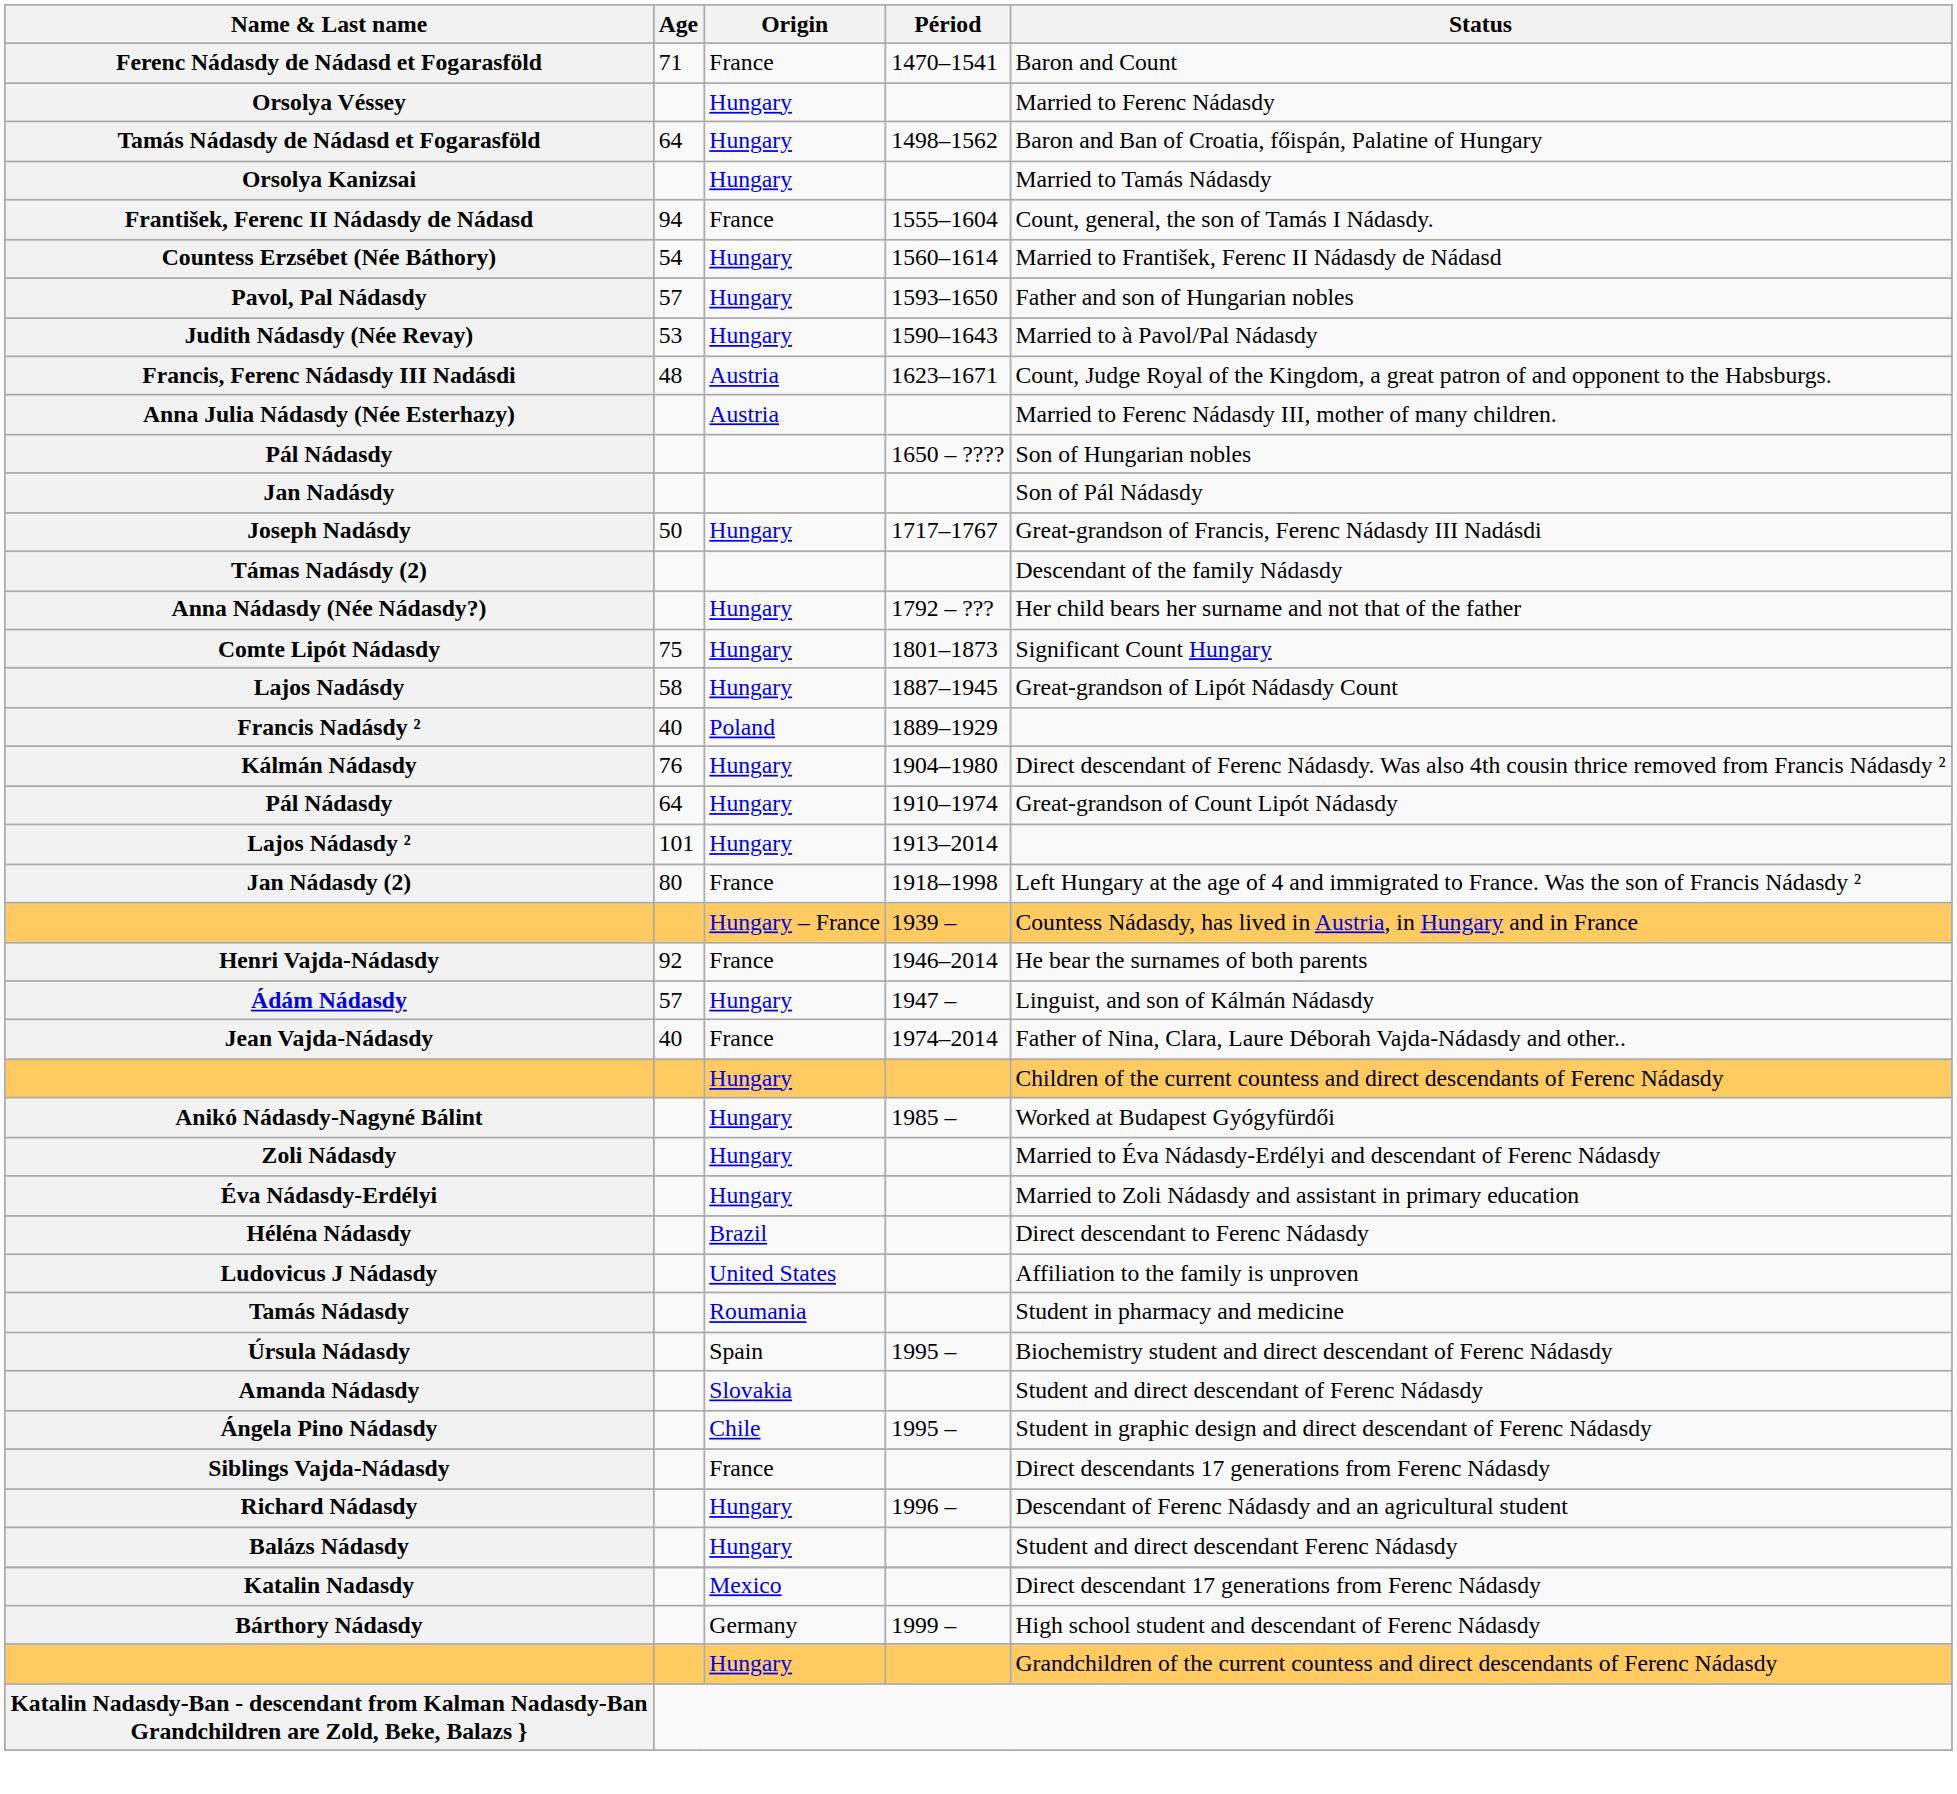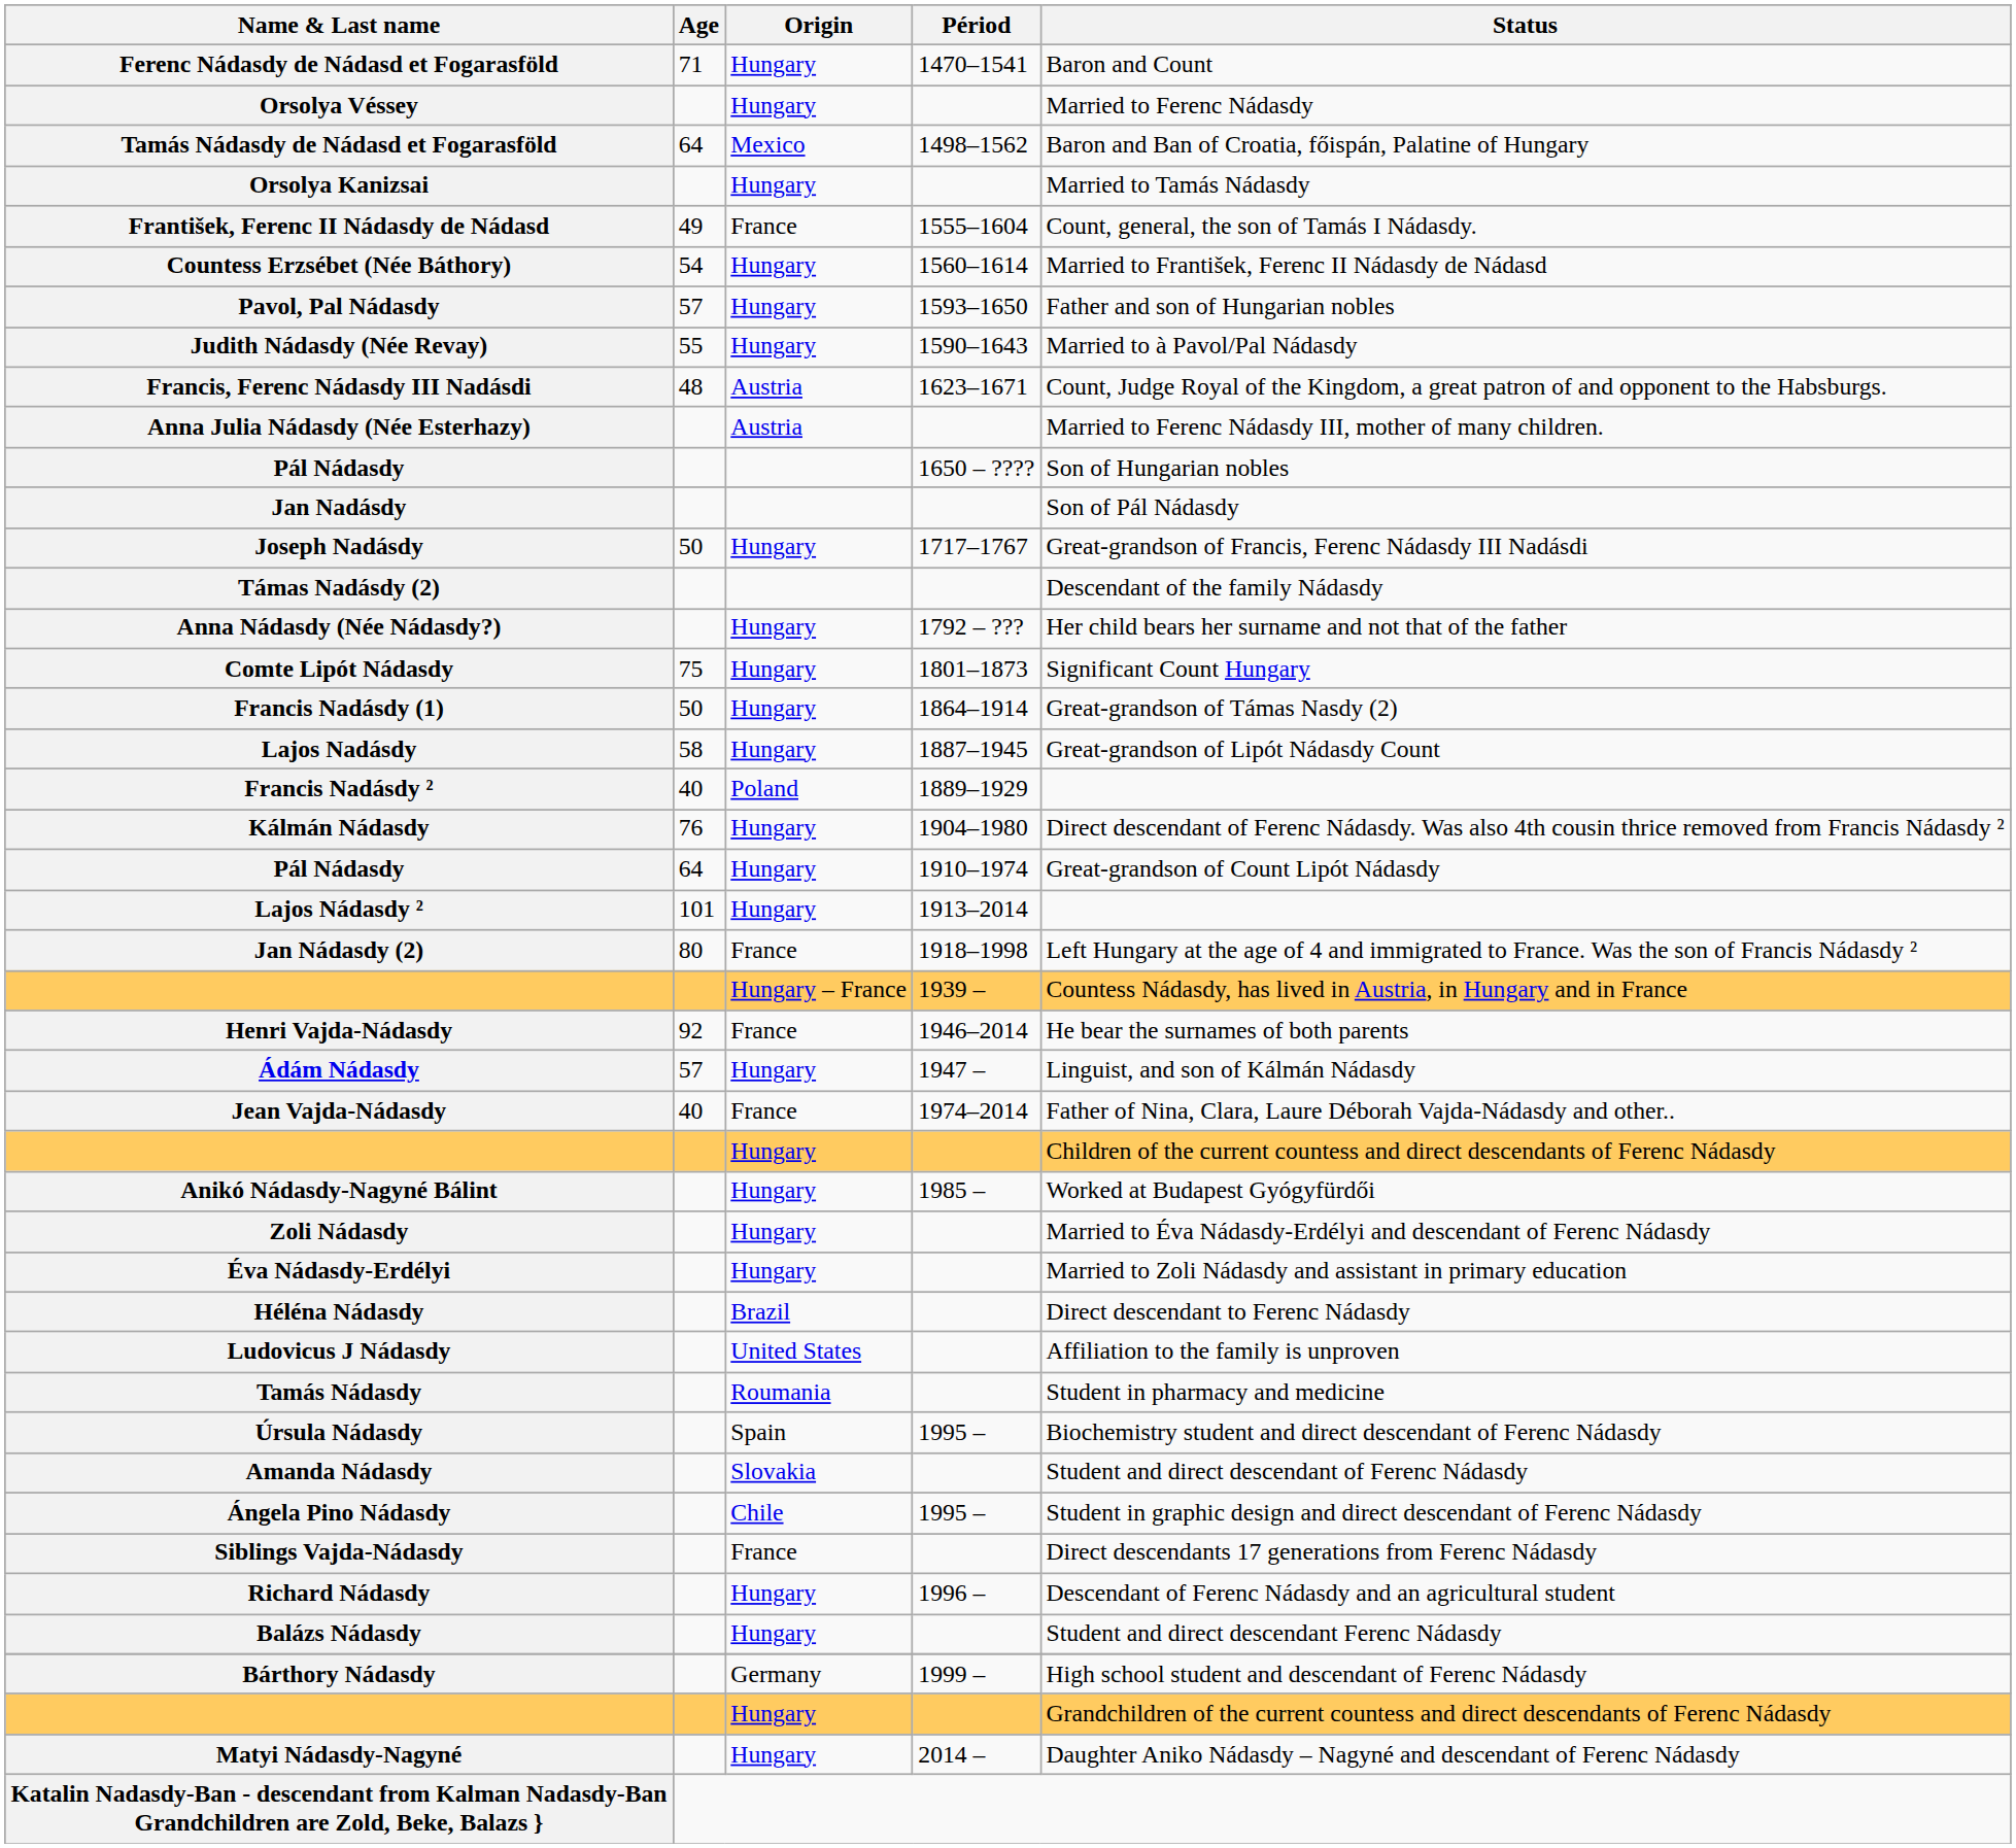 <table class="wikitable" style="font-size:85%;">
 <tr>
 <th>Name & Last name</th>
 <th>Age</th>
 <th>Origin</th>
 <th>Périod</th>
 <th>Status</th>
 </tr>
 <tr>
 <th>Ferenc Nádasdy de Nádasd et Fogarasföld</th>
 <td>71</td>
-<td>France</td>
+<td><a href='#'>Hungary</a></td>
 <td>1470–1541</td>
 <td>Baron and Count</td>
 </tr>
 <tr>
 <th>Orsolya Véssey</th>
 <td></td>
 <td><a href='#'>Hungary</a></td>
 <td></td>
 <td>Married to Ferenc Nádasdy</td>
 </tr>
 <tr>
 <th>Tamás Nádasdy de Nádasd et Fogarasföld</th>
 <td>64</td>
-<td><a href='#'>Hungary</a></td>
+<td><a href='#'>Mexico</a></td>
 <td>1498–1562</td>
 <td>Baron and Ban of Croatia, főispán, Palatine of Hungary</td>
 </tr>
 <tr>
 <th>Orsolya Kanizsai</th>
 <td></td>
 <td><a href='#'>Hungary</a></td>
 <td></td>
 <td>Married to Tamás Nádasdy</td>
 </tr>
 <tr>
 <th>František, Ferenc II Nádasdy de Nádasd</th>
-<td>94</td>
+<td>49</td>
 <td>France</td>
 <td>1555–1604</td>
 <td>Count, general, the son of Tamás I Nádasdy.</td>
 </tr>
 <tr>
 <th>Countess Erzsébet (Née Báthory)</th>
 <td>54</td>
 <td><a href='#'>Hungary</a></td>
 <td>1560–1614</td>
 <td>Married to František, Ferenc II Nádasdy de Nádasd</td>
 </tr>
 <tr>
 <th>Pavol, Pal Nádasdy</th>
 <td>57</td>
 <td><a href='#'>Hungary</a></td>
 <td>1593–1650</td>
 <td>Father and son of Hungarian nobles</td>
 </tr>
 <tr>
 <th>Judith Nádasdy (Née Revay)</th>
-<td>53</td>
+<td>55</td>
 <td><a href='#'>Hungary</a></td>
 <td>1590–1643</td>
 <td>Married to à Pavol/Pal Nádasdy</td>
 </tr>
 <tr>
 <th>Francis, Ferenc Nádasdy III Nadásdi</th>
 <td>48</td>
 <td><a href='#'>Austria</a></td>
 <td>1623–1671</td>
 <td>Count, Judge Royal of the Kingdom, a great patron of and opponent to the Habsburgs.</td>
 </tr>
 <tr>
 <th>Anna Julia Nádasdy (Née Esterhazy)</th>
 <td></td>
 <td><a href='#'>Austria</a></td>
 <td></td>
 <td>Married to Ferenc Nádasdy III, mother of many children.</td>
 </tr>
 <tr>
 <th>Pál Nádasdy</th>
 <td></td>
 <td></td>
 <td>1650 – ????</td>
 <td>Son of Hungarian nobles</td>
 </tr>
 <tr>
 <th>Jan Nadásdy</th>
 <td></td>
 <td></td>
 <td></td>
 <td>Son of Pál Nádasdy</td>
 </tr>
 <tr>
 <th>Joseph Nadásdy</th>
 <td>50</td>
 <td><a href='#'>Hungary</a></td>
 <td>1717–1767</td>
 <td>Great-grandson of Francis, Ferenc Nádasdy III Nadásdi</td>
 </tr>
 <tr>
 <th>Támas Nadásdy (2)</th>
 <td></td>
 <td></td>
 <td></td>
 <td>Descendant of the family Nádasdy</td>
 </tr>
 <tr>
 <th>Anna Nádasdy (Née Nádasdy?)</th>
 <td></td>
 <td><a href='#'>Hungary</a></td>
 <td>1792 – ???</td>
 <td>Her child bears her surname and not that of the father</td>
 </tr>
 <tr>
 <th>Comte Lipót Nádasdy</th>
 <td>75</td>
 <td><a href='#'>Hungary</a></td>
 <td>1801–1873</td>
 <td>Significant Count <a href='#'>Hungary</a></td>
+</tr>
+<tr>
+<th>Francis Nadásdy (1)</th>
+<td>50</td>
+<td><a href='#'>Hungary</a></td>
+<td>1864–1914</td>
+<td>Great-grandson of Támas Nasdy (2)</td>
 </tr>
 <tr>
 <th>Lajos Nadásdy</th>
 <td>58</td>
 <td><a href='#'>Hungary</a></td>
 <td>1887–1945</td>
 <td>Great-grandson of Lipót Nádasdy Count</td>
 </tr>
 <tr>
 <th>Francis Nadásdy ²</th>
 <td>40</td>
 <td><a href='#'>Poland</a></td>
 <td>1889–1929</td>
 <td></td>
 </tr>
 <tr>
 <th>Kálmán Nádasdy</th>
 <td>76</td>
 <td><a href='#'>Hungary</a></td>
 <td>1904–1980</td>
 <td>Direct descendant of Ferenc Nádasdy. Was also 4th cousin thrice removed from Francis Nádasdy ²</td>
 </tr>
 <tr>
 <th>Pál Nádasdy</th>
 <td>64</td>
 <td><a href='#'>Hungary</a></td>
 <td>1910–1974</td>
 <td>Great-grandson of Count Lipót Nádasdy</td>
 </tr>
 <tr>
 <th>Lajos Nádasdy ²</th>
 <td>101</td>
 <td><a href='#'>Hungary</a></td>
 <td>1913–2014</td>
 <td></td>
 </tr>
 <tr>
 <th>Jan Nádasdy (2)</th>
 <td>80</td>
 <td>France</td>
 <td>1918–1998</td>
 <td>Left Hungary at the age of 4 and immigrated to France. Was the son of Francis Nádasdy ²</td>
 </tr>
 <tr>
 <td style="background:#FFCB60"></td>
 <td style="background:#FFCB60"></td>
 <td style="background:#FFCB60"><a href='#'>Hungary</a> – France</td>
 <td style="background:#FFCB60">1939 –</td>
 <td style="background:#FFCB60">Countess Nádasdy, has lived in <a href='#'>Austria</a>, in <a href='#'>Hungary</a> and in France</td>
 </tr>
 <tr>
 <th>Henri Vajda-Nádasdy</th>
 <td>92</td>
 <td>France</td>
 <td>1946–2014</td>
 <td>He bear the surnames of both parents</td>
 </tr>
 <tr>
 <th><a href='#'>Ádám Nádasdy</a></th>
 <td>57</td>
 <td><a href='#'>Hungary</a></td>
 <td>1947 –</td>
 <td>Linguist, and son of Kálmán Nádasdy</td>
 </tr>
 <tr>
 <th>Jean Vajda-Nádasdy</th>
 <td>40</td>
 <td>France</td>
 <td>1974–2014</td>
 <td>Father of Nina, Clara, Laure Déborah Vajda-Nádasdy and other..</td>
 </tr>
 <tr>
 <td style="background:#FFCB60"></td>
 <td style="background:#FFCB60"></td>
 <td style="background:#FFCB60"><a href='#'>Hungary</a></td>
 <td style="background:#FFCB60"></td>
 <td style="background:#FFCB60">Children of the current countess and direct descendants of Ferenc Nádasdy</td>
 </tr>
 <tr>
 <th>Anikó Nádasdy-Nagyné Bálint</th>
 <td></td>
 <td><a href='#'>Hungary</a></td>
 <td>1985 –</td>
 <td>Worked at Budapest Gyógyfürdői</td>
 </tr>
 <tr>
 <th>Zoli Nádasdy</th>
 <td></td>
 <td><a href='#'>Hungary</a></td>
 <td></td>
 <td>Married to Éva Nádasdy-Erdélyi and descendant of Ferenc Nádasdy</td>
 </tr>
 <tr>
 <th>Éva Nádasdy-Erdélyi</th>
 <td></td>
 <td><a href='#'>Hungary</a></td>
 <td></td>
 <td>Married to Zoli Nádasdy and assistant in primary education</td>
 </tr>
 <tr>
 <th>Héléna Nádasdy</th>
 <td></td>
 <td><a href='#'>Brazil</a></td>
 <td></td>
 <td>Direct descendant to Ferenc Nádasdy</td>
 </tr>
 <tr>
 <th>Ludovicus J Nádasdy</th>
 <td></td>
 <td><a href='#'>United States</a></td>
 <td></td>
 <td>Affiliation to the family is unproven</td>
 </tr>
 <tr>
 <th>Tamás Nádasdy</th>
 <td></td>
 <td><a href='#'>Roumania</a></td>
 <td></td>
 <td>Student in pharmacy and medicine</td>
 </tr>
 <tr>
 <th>Úrsula Nádasdy</th>
 <td></td>
 <td>Spain</td>
 <td>1995 –</td>
 <td>Biochemistry student and direct descendant of Ferenc Nádasdy</td>
 </tr>
 <tr>
 <th>Amanda Nádasdy</th>
 <td></td>
 <td><a href='#'>Slovakia</a></td>
 <td></td>
 <td>Student and direct descendant of Ferenc Nádasdy</td>
 </tr>
 <tr>
 <th>Ángela Pino Nádasdy</th>
 <td></td>
 <td><a href='#'>Chile</a></td>
 <td>1995 –</td>
 <td>Student in graphic design and direct descendant of Ferenc Nádasdy</td>
 </tr>
 <tr>
 <th>Siblings Vajda-Nádasdy</th>
 <td></td>
 <td>France</td>
 <td></td>
 <td>Direct descendants 17 generations from Ferenc Nádasdy</td>
 </tr>
 <tr>
 <th>Richard Nádasdy</th>
 <td></td>
 <td><a href='#'>Hungary</a></td>
 <td>1996 –</td>
 <td>Descendant of Ferenc Nádasdy and an agricultural student</td>
 </tr>
 <tr>
 <th>Balázs Nádasdy</th>
 <td></td>
 <td><a href='#'>Hungary</a></td>
 <td></td>
 <td>Student and direct descendant Ferenc Nádasdy</td>
 </tr>
 <tr>
 </tr>
 <tr>
-<th>Katalin Nadasdy</th>
-<td></td>
-<td><a href='#'>Mexico</a></td>
-<td></td>
-<td>Direct descendant 17 generations from Ferenc Nádasdy</td>
-</tr>
-<tr>
 <th>Bárthory Nádasdy</th>
 <td></td>
 <td>Germany</td>
 <td>1999 –</td>
 <td>High school student and descendant of Ferenc Nádasdy</td>
 </tr>
 <tr>
 <td style="background:#FFCB60"></td>
 <td style="background:#FFCB60"></td>
 <td style="background:#FFCB60"><a href='#'>Hungary</a></td>
 <td style="background:#FFCB60"></td>
 <td style="background:#FFCB60">Grandchildren of the current countess and direct descendants of Ferenc Nádasdy</td>
 </tr>
 <tr>
+<th>Matyi Nádasdy-Nagyné</th>
+<td></td>
+<td><a href='#'>Hungary</a></td>
+<td>2014 –</td>
+<td>Daughter Aniko Nádasdy – Nagyné and descendant of Ferenc Nádasdy</td>
+</tr>
+<tr>
 <th>Katalin Nadasdy-Ban - descendant from Kalman Nadasdy-Ban<br>Grandchildren are Zold, Beke, Balazs }<br></th>
 </tr>
 </table>
